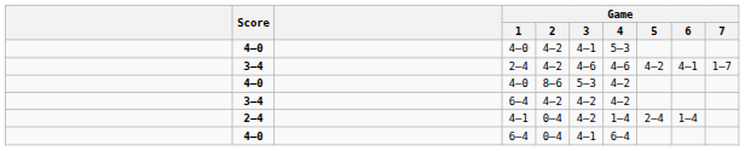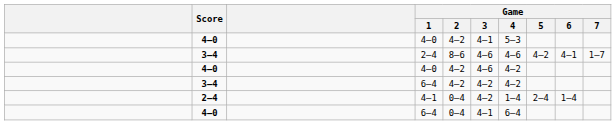 <table class="wikitable" style="text-align: center;">
 <tr>
 <th rowspan=2 align="right" width="270"></th>
 <th rowspan=2 width="45">Score</th>
 <th rowspan=2 align="left" width="270"></th>
 <th colspan=7>Game</th>
 </tr>
 <tr>
 <th width="35">1</th>
 <th width="35">2</th>
 <th width="35">3</th>
 <th width="35">4</th>
 <th width="35">5</th>
 <th width="35">6</th>
 <th width="35">7</th>
 </tr>
 <tr>
 <td align=left><strong></strong></td>
 <td align=center><strong>4–0</strong></td>
 <td align=left></td>
 <td>4–0</td>
 <td>4–2</td>
 <td>4–1</td>
 <td>5–3</td>
 <td></td>
 <td></td>
 <td></td>
 </tr>
 <tr>
 <td align=left></td>
 <td align=center><strong>3–4</strong></td>
 <td align=left><strong></strong></td>
 <td>2–4</td>
-<td>4–2</td>
+<td>8–6</td>
 <td>4–6</td>
 <td>4–6</td>
 <td>4–2</td>
 <td>4–1</td>
 <td>1–7</td>
 </tr>
 <tr>
 <td align=left><strong></strong></td>
 <td align=center><strong>4–0</strong></td>
 <td align=left></td>
 <td>4–0</td>
-<td>8–6</td>
-<td>5–3</td>
+<td>4–2</td>
+<td>4–6</td>
 <td>4–2</td>
 <td></td>
 <td></td>
 <td></td>
 </tr>
 <tr>
 <td align=left><strong></strong></td>
 <td align=center><strong>3–4</strong></td>
 <td align=left></td>
 <td>6–4</td>
 <td>4–2</td>
 <td>4–2</td>
 <td>4–2</td>
 <td></td>
 <td></td>
 <td></td>
 </tr>
 <tr>
 <td align=left></td>
 <td align=center><strong>2–4</strong></td>
 <td align=left><strong></strong></td>
 <td>4–1</td>
 <td>0–4</td>
 <td>4–2</td>
 <td>1–4</td>
 <td>2–4</td>
 <td>1–4</td>
 <td></td>
 </tr>
 <tr>
 <td align=left><strong></strong></td>
 <td align=center><strong>4–0</strong></td>
 <td align=left></td>
 <td>6–4</td>
 <td>0–4</td>
 <td>4–1</td>
 <td>6–4</td>
 <td></td>
 <td></td>
 <td></td>
 </tr>
 </table>
